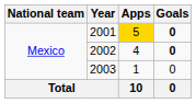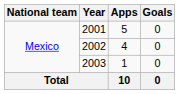 <table class="wikitable" style="text-align: center;">
 <tr>
 <th>National team</th>
 <th>Year</th>
 <th>Apps</th>
 <th>Goals</th>
 </tr>
 <tr>
 <td rowspan="3" valign="center"><a href='#'>Mexico</a></td>
 <td>2001</td>
-<td style="background: gold;">5</td>
-<td><strong>0</strong></td>
+<td>5</td>
+<td>0</td>
 </tr>
 <tr>
 <td>2002</td>
 <td>4</td>
-<td><strong>0</strong></td>
+<td>0</td>
 </tr>
 <tr>
 <td>2003</td>
 <td>1</td>
 <td>0</td>
 </tr>
 <tr>
 <th colspan="2">Total</th>
 <th>10</th>
 <th>0</th>
 </tr>
 </table>
